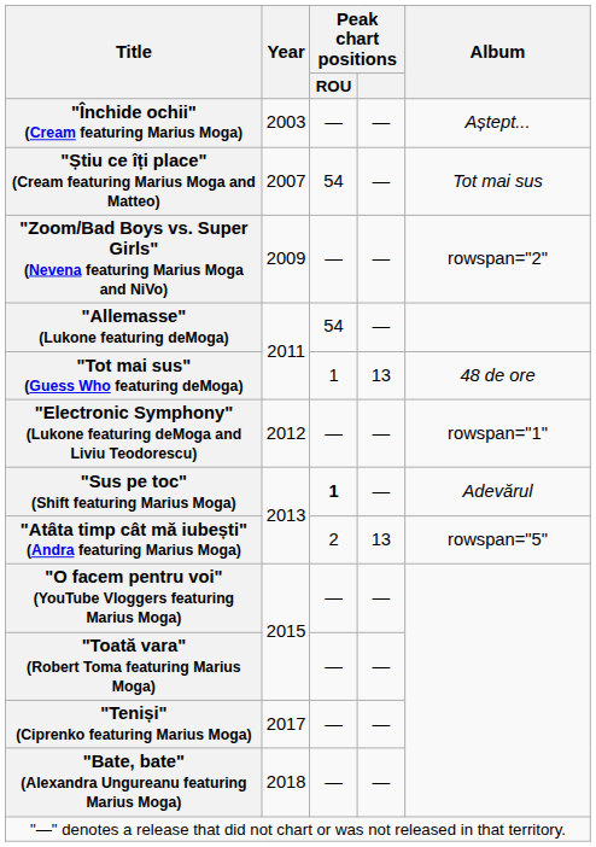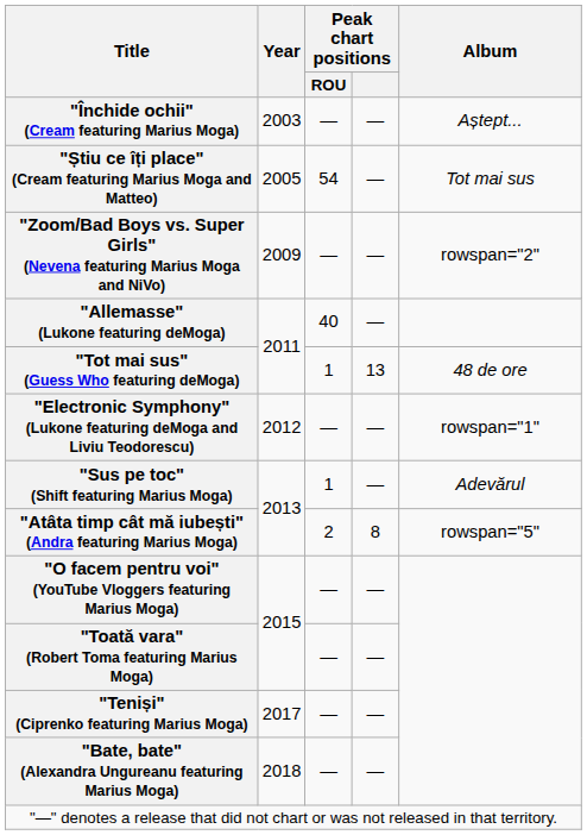 <table class="wikitable plainrowheaders" style="text-align:center;">
 <tr>
 <th scope="col" rowspan="2" style="width:14em;">Title</th>
 <th scope="col" rowspan="2" style="width:1em;">Year</th>
 <th colspan="2" scope="col">Peak chart positions</th>
 <th scope="col" rowspan="2" style="width:10em;">Album</th>
 </tr>
 <tr>
 <th scope="col" style="width:2.5em;font-size:90%;">ROU<br></th>
 <th scope="col" style="width:2.5em;font-size:90%;"><br></th>
 </tr>
 <tr>
 <th scope="row">"Închide ochii"<br><small>(<a href='#'>Cream</a> featuring Marius Moga)</small></th>
 <td rowspan="1">2003</td>
 <td>—</td>
 <td>—</td>
 <td><em>Aștept...</em></td>
 </tr>
 <tr>
 <th scope="row">"Știu ce îți place"<br><small>(Cream featuring Marius Moga and Matteo)</small></th>
-<td rowspan="1">2007</td>
+<td rowspan="1">2005</td>
 <td>54</td>
 <td>—</td>
 <td><em>Tot mai sus</em></td>
 </tr>
 <tr>
 <th scope="row">"Zoom/Bad Boys vs. Super Girls"<br><small>(<a href='#'>Nevena</a> featuring Marius Moga and NiVo)</small></th>
 <td rowspan="1">2009</td>
 <td>—</td>
 <td>—</td>
 <td>rowspan="2" </td>
 </tr>
 <tr>
 <th scope="row">"Allemasse"<br><small>(Lukone featuring deMoga)</small></th>
 <td rowspan="2">2011</td>
-<td>54</td>
+<td>40</td>
 <td>—</td>
 </tr>
 <tr>
 <th scope="row">"Tot mai sus"<br><small>(<a href='#'>Guess Who</a> featuring deMoga)</small></th>
 <td>1</td>
 <td>13</td>
 <td><em>48 de ore</em></td>
 </tr>
 <tr>
 <th scope="row">"Electronic Symphony"<br><small>(Lukone featuring deMoga and Liviu Teodorescu)</small></th>
 <td rowspan="1">2012</td>
 <td>—</td>
 <td>—</td>
 <td>rowspan="1" </td>
 </tr>
 <tr>
 <th scope="row">"Sus pe toc"<br><small>(Shift featuring Marius Moga)</small></th>
 <td rowspan="2">2013</td>
-<td><strong>1</strong></td>
+<td>1</td>
 <td>—</td>
 <td><em>Adevărul</em></td>
 </tr>
 <tr>
 <th scope="row">"Atâta timp cât mă iubești"<br><small>(<a href='#'>Andra</a> featuring Marius Moga)</small></th>
 <td>2</td>
-<td>13</td>
+<td>8</td>
 <td>rowspan="5" </td>
 </tr>
 <tr>
 <th scope="row">"O facem pentru voi"<br><small>(YouTube Vloggers featuring Marius Moga)</small></th>
 <td rowspan="2">2015</td>
 <td>—</td>
 <td>—</td>
 </tr>
 <tr>
 <th scope="row">"Toată vara"<br><small>(Robert Toma featuring Marius Moga)</small></th>
 <td>—</td>
 <td>—</td>
 </tr>
 <tr>
 <th scope="row">"Teniși"<br><small>(Ciprenko featuring Marius Moga)</small></th>
 <td rowspan="1">2017</td>
 <td>—</td>
 <td>—</td>
 </tr>
 <tr>
 <th scope="row">"Bate, bate"<br><small>(Alexandra Ungureanu featuring Marius Moga)</small></th>
 <td rowspan="1">2018</td>
 <td>—</td>
 <td>—</td>
 </tr>
 <tr>
 <td colspan="15" style="font-size:90%">"—" denotes a release that did not chart or was not released in that territory.</td>
 </tr>
 </table>
